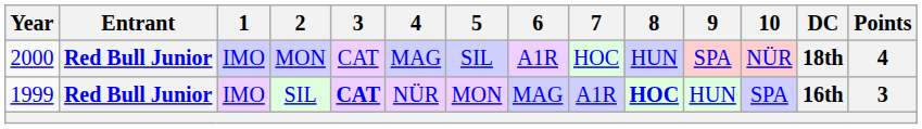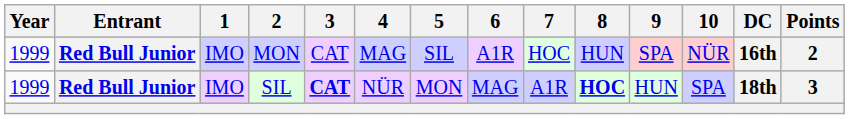 <table class="wikitable" style="text-align:center; font-size:85%">
 <tr>
 <th>Year</th>
 <th>Entrant</th>
 <th>1</th>
 <th>2</th>
 <th>3</th>
 <th>4</th>
 <th>5</th>
 <th>6</th>
 <th>7</th>
 <th>8</th>
 <th>9</th>
 <th>10</th>
 <th>DC</th>
 <th>Points</th>
 </tr>
 <tr>
-<td><a href='#'>2000</a></td>
+<td><a href='#'>1999</a></td>
 <th nowrap><a href='#'>Red Bull Junior</a></th>
 <td style="background:#CFCFFF;"><a href='#'>IMO</a><br></td>
 <td style="background:#CFCFFF;"><a href='#'>MON</a><br></td>
 <td style="background:#EFCFFF;"><a href='#'>CAT</a><br></td>
 <td style="background:#CFCFFF;"><a href='#'>MAG</a><br></td>
 <td style="background:#CFCFFF;"><a href='#'>SIL</a><br></td>
 <td style="background:#EFCFFF;"><a href='#'>A1R</a><br></td>
 <td style="background:#DFFFDF;"><a href='#'>HOC</a><br></td>
 <td style="background:#CFCFFF;"><a href='#'>HUN</a><br></td>
 <td style="background:#FFCFCF;"><a href='#'>SPA</a><br></td>
 <td style="background:#FFCFCF;"><a href='#'>NÜR</a><br></td>
-<th>18th</th>
-<th>4</th>
+<th>16th</th>
+<th>2</th>
 </tr>
 <tr>
 <td><a href='#'>1999</a></td>
 <th nowrap><a href='#'>Red Bull Junior</a></th>
 <td style="background:#EFCFFF;"><a href='#'>IMO</a><br></td>
 <td style="background:#DFFFDF;"><a href='#'>SIL</a><br></td>
 <td style="background:#EFCFFF;"><strong><a href='#'>CAT</a></strong><br></td>
 <td style="background:#EFCFFF;"><a href='#'>NÜR</a><br></td>
 <td style="background:#EFCFFF;"><a href='#'>MON</a><br></td>
 <td style="background:#CFCFFF;"><a href='#'>MAG</a><br></td>
 <td style="background:#CFCFFF;"><a href='#'>A1R</a><br></td>
 <td style="background:#DFFFDF;"><strong><a href='#'>HOC</a><br></strong></td>
 <td style="background:#DFFFDF;"><a href='#'>HUN</a><br></td>
 <td style="background:#CFCFFF;"><a href='#'>SPA</a><br></td>
-<th>16th</th>
+<th>18th</th>
 <th>3</th>
 </tr>
 <tr>
 <th colspan="14"></th>
 </tr>
 </table>
